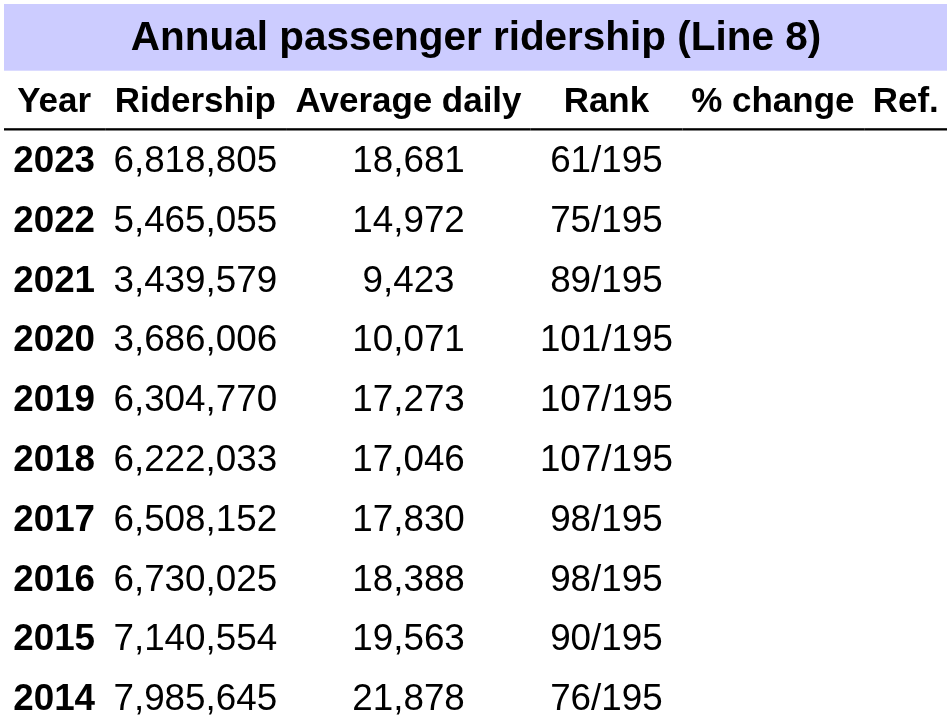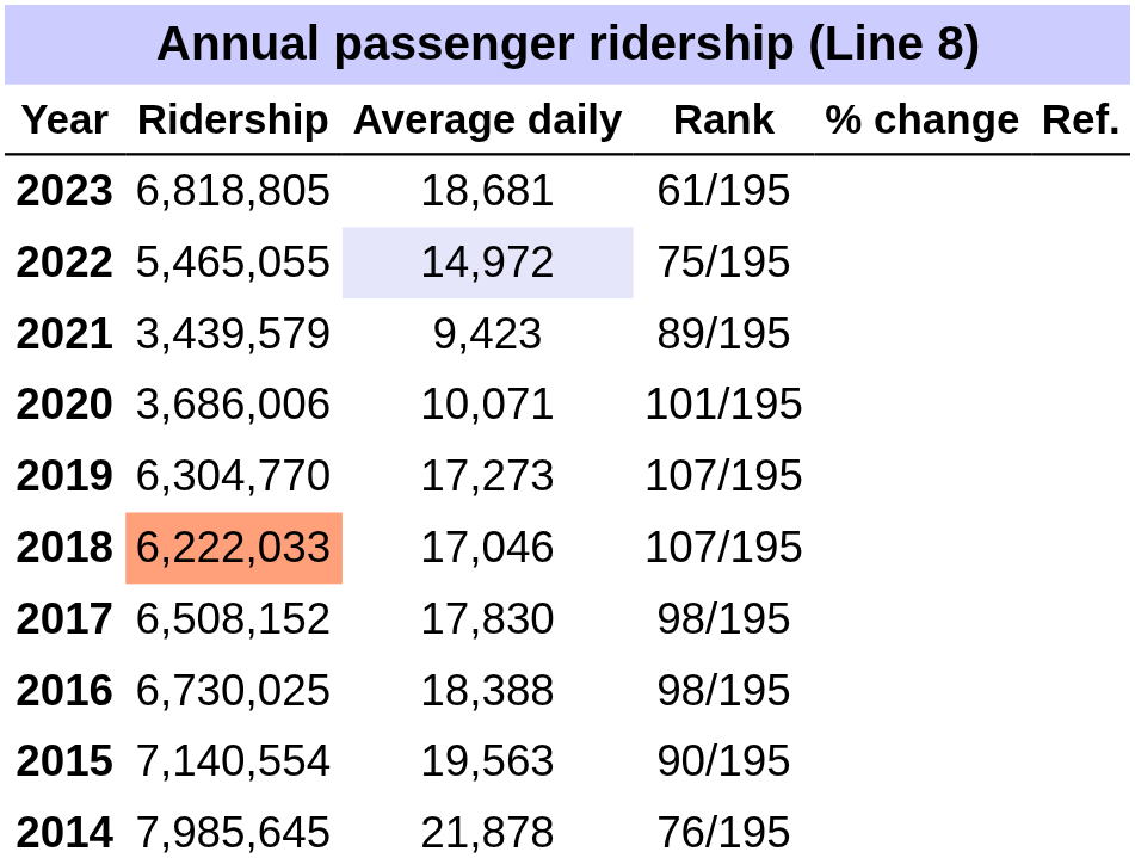 <table class="toccolours" cellpadding="4" cellspacing="0" style="text-align:right;">
 <tr>
 <th colspan="6"  style="background-color:#ccf; background-color:#ccf; font-size:110%; text-align:center;">Annual passenger ridership (Line 8)</th>
 </tr>
 <tr style="font-size:95%; text-align:center">
 <th style="border-bottom:1px solid black">Year</th>
 <th style="border-bottom:1px solid black">Ridership</th>
 <th style="border-bottom:1px solid black">Average daily</th>
 <th style="border-bottom:1px solid black">Rank</th>
 <th style="border-bottom:1px solid black">% change</th>
 <th style="border-bottom:1px solid black">Ref.</th>
 </tr>
 <tr style="text-align:center;">
 <td><strong>2023</strong></td>
 <td>6,818,805</td>
 <td>18,681</td>
 <td>61/195</td>
 <td></td>
 <td></td>
 </tr>
 <tr style="text-align:center;">
 <td><strong>2022</strong></td>
 <td>5,465,055</td>
-<td>14,972</td>
+<td style="background: lavender;">14,972</td>
 <td>75/195</td>
 <td></td>
 <td></td>
 </tr>
 <tr style="text-align:center;">
 <td><strong>2021</strong></td>
 <td>3,439,579</td>
 <td>9,423</td>
 <td>89/195</td>
 <td></td>
 <td></td>
 </tr>
 <tr style="text-align:center;">
 <td><strong>2020</strong></td>
 <td>3,686,006</td>
 <td>10,071</td>
 <td>101/195</td>
 <td></td>
 <td></td>
 </tr>
 <tr style="text-align:center;">
 <td><strong>2019</strong></td>
 <td>6,304,770</td>
 <td>17,273</td>
 <td>107/195</td>
 <td></td>
 <td></td>
 </tr>
 <tr style="text-align:center;">
 <td><strong>2018</strong></td>
-<td>6,222,033</td>
+<td style="background: lightsalmon;">6,222,033</td>
 <td>17,046</td>
 <td>107/195</td>
 <td></td>
 <td></td>
 </tr>
 <tr style="text-align:center;">
 <td><strong>2017</strong></td>
 <td>6,508,152</td>
 <td>17,830</td>
 <td>98/195</td>
 <td></td>
 <td></td>
 </tr>
 <tr style="text-align:center;">
 <td><strong>2016</strong></td>
 <td>6,730,025</td>
 <td>18,388</td>
 <td>98/195</td>
 <td></td>
 <td></td>
 </tr>
 <tr style="text-align:center;">
 <td><strong>2015</strong></td>
 <td>7,140,554</td>
 <td>19,563</td>
 <td>90/195</td>
 <td></td>
 <td></td>
 </tr>
 <tr style="text-align:center;">
 <td><strong>2014</strong></td>
 <td>7,985,645</td>
 <td>21,878</td>
 <td>76/195</td>
 <td></td>
 <td></td>
 </tr>
 </table>
